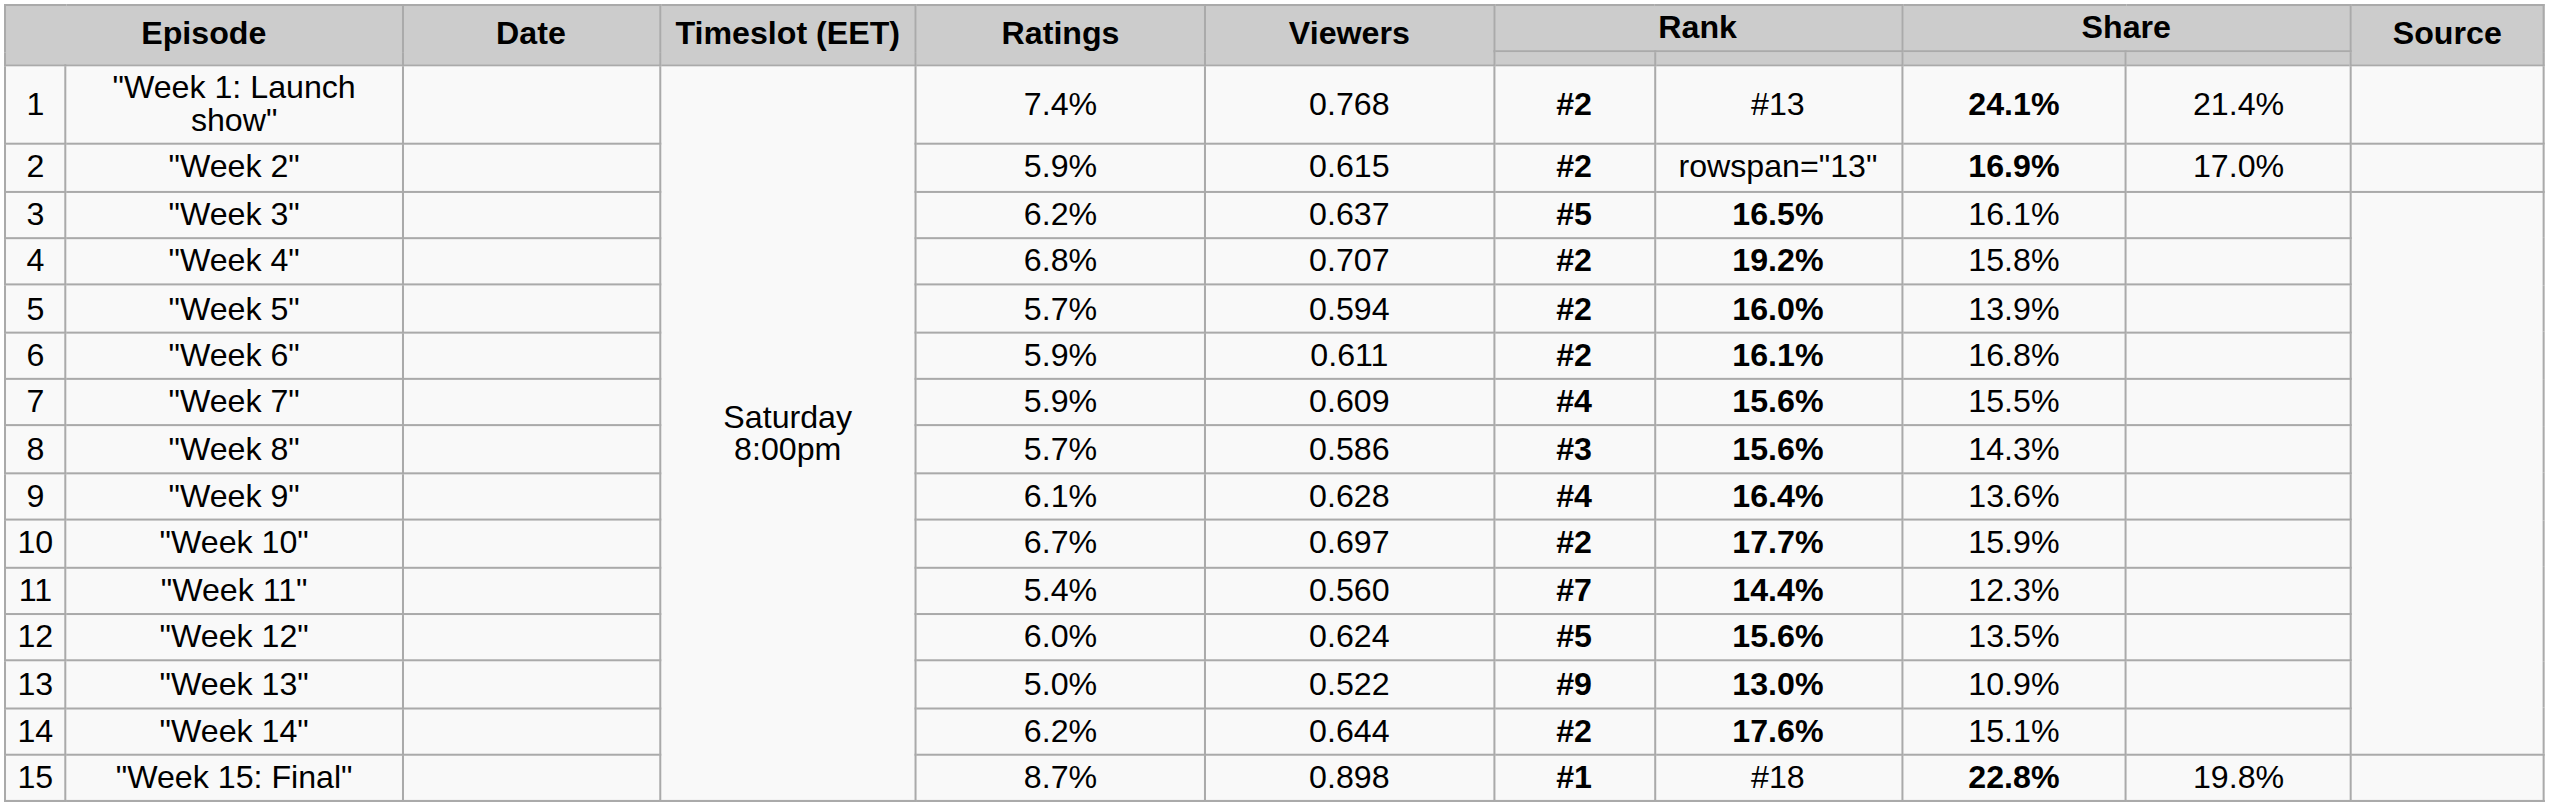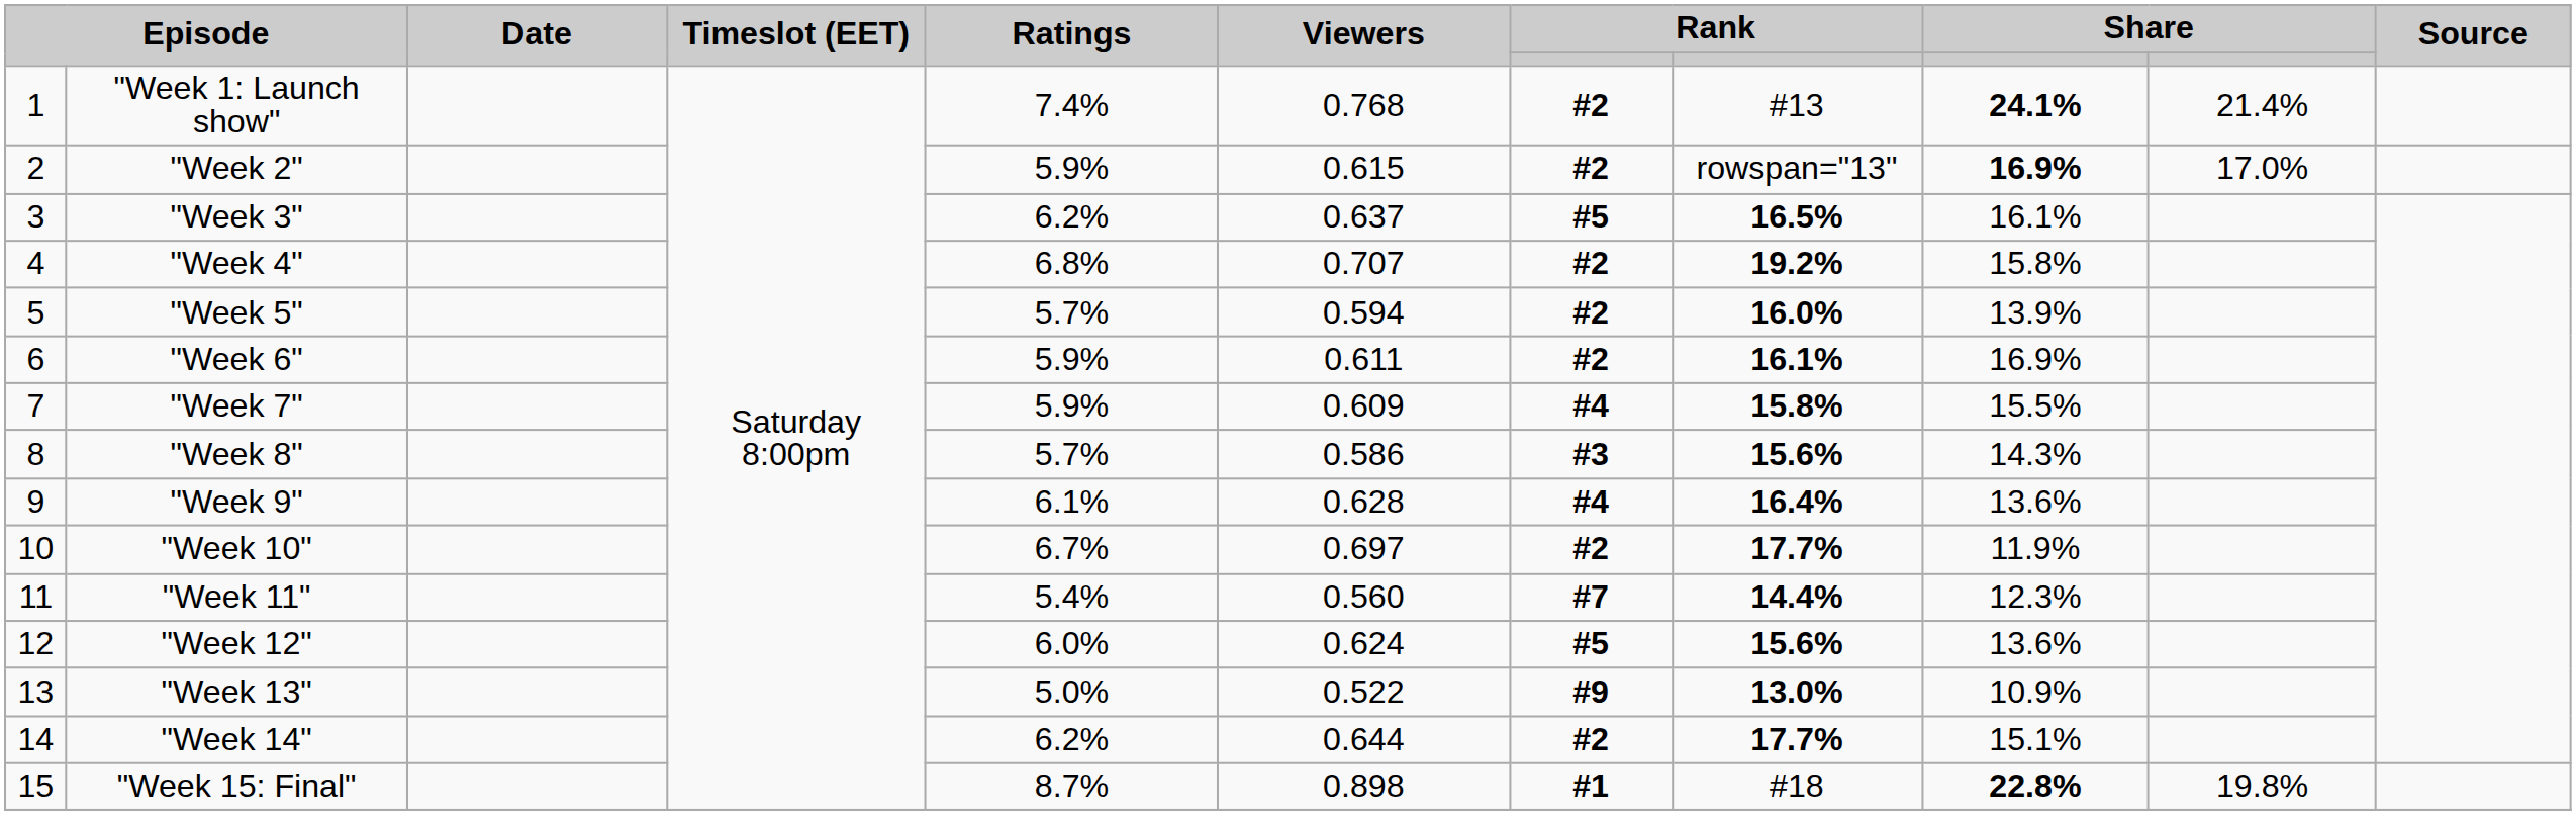 <table class="wikitable" style="text-align:center; background:#f9f9f9; line-height:16px;" width="100%">
 <tr>
 <th style="background:#ccc; color:#yyy;" width="12%" colspan="2" rowspan="2">Episode</th>
 <th style="background:#ccc; color:#yyy;" width="08%" rowspan="2">Date</th>
 <th style="background:#ccc; color:#yyy;" width="08%" rowspan="2">Timeslot (EET)</th>
 <th style="background:#ccc; color:#yyy;" width="09%" rowspan="2">Ratings</th>
 <th style="background:#ccc; color:#yyy;" width="09%" rowspan="2">Viewers<br><small></small></th>
 <th style="background:#ccc; color:#yyy;" width="10%" colspan="2">Rank</th>
 <th style="background:#ccc; color:#yyy;" width="14%" colspan="2">Share</th>
 <th style="background:#ccc; color:#yyy;" width="6%" rowspan="2">Source</th>
 </tr>
 <tr style="font-size:85%;">
 <th style="background:#ccc; color:#yyy;" width="05%"></th>
 <th style="background:#ccc; color:#yyy;" width="05%"></th>
 <th style="background:#ccc; color:#yyy;" width="07%"></th>
 <th style="background:#ccc; color:#yyy;" width="07%"></th>
 </tr>
 <tr>
 <td>1</td>
 <td>"Week 1: Launch show"</td>
 <td></td>
 <td rowspan="15">Saturday 8:00pm</td>
 <td>7.4%</td>
 <td>0.768</td>
 <td><strong>#2</strong></td>
 <td>#13</td>
 <td><strong>24.1%</strong></td>
 <td>21.4%</td>
 <td></td>
 </tr>
 <tr>
 <td>2</td>
 <td>"Week 2"</td>
 <td></td>
 <td>5.9%</td>
 <td>0.615</td>
 <td><strong>#2</strong></td>
 <td>rowspan="13" </td>
 <td><strong>16.9%</strong></td>
 <td>17.0%</td>
 <td></td>
 </tr>
 <tr>
 <td>3</td>
 <td>"Week 3"</td>
 <td></td>
 <td>6.2%</td>
 <td>0.637</td>
 <td><strong>#5</strong></td>
 <td><strong>16.5%</strong></td>
 <td>16.1%</td>
 <td></td>
 </tr>
 <tr>
 <td>4</td>
 <td>"Week 4"</td>
 <td></td>
 <td>6.8%</td>
 <td>0.707</td>
 <td><strong>#2</strong></td>
 <td><strong>19.2%</strong></td>
 <td>15.8%</td>
 <td></td>
 </tr>
 <tr>
 <td>5</td>
 <td>"Week 5"</td>
 <td></td>
 <td>5.7%</td>
 <td>0.594</td>
 <td><strong>#2</strong></td>
 <td><strong>16.0%</strong></td>
 <td>13.9%</td>
 <td></td>
 </tr>
 <tr>
 <td>6</td>
 <td>"Week 6"</td>
 <td></td>
 <td>5.9%</td>
 <td>0.611</td>
 <td><strong>#2</strong></td>
 <td><strong>16.1%</strong></td>
-<td>16.8%</td>
+<td>16.9%</td>
 <td></td>
 </tr>
 <tr>
 <td>7</td>
 <td>"Week 7"</td>
 <td></td>
 <td>5.9%</td>
 <td>0.609</td>
 <td><strong>#4</strong></td>
-<td><strong>15.6%</strong></td>
+<td><strong>15.8%</strong></td>
 <td>15.5%</td>
 <td></td>
 </tr>
 <tr>
 <td>8</td>
 <td>"Week 8"</td>
 <td></td>
 <td>5.7%</td>
 <td>0.586</td>
 <td><strong>#3</strong></td>
 <td><strong>15.6%</strong></td>
 <td>14.3%</td>
 <td></td>
 </tr>
 <tr>
 <td>9</td>
 <td>"Week 9"</td>
 <td></td>
 <td>6.1%</td>
 <td>0.628</td>
 <td><strong>#4</strong></td>
 <td><strong>16.4%</strong></td>
 <td>13.6%</td>
 <td></td>
 </tr>
 <tr>
 <td>10</td>
 <td>"Week 10"</td>
 <td></td>
 <td>6.7%</td>
 <td>0.697</td>
 <td><strong>#2</strong></td>
 <td><strong>17.7%</strong></td>
-<td>15.9%</td>
+<td>11.9%</td>
 <td></td>
 </tr>
 <tr>
 <td>11</td>
 <td>"Week 11"</td>
 <td></td>
 <td>5.4%</td>
 <td>0.560</td>
 <td><strong>#7</strong></td>
 <td><strong>14.4%</strong></td>
 <td>12.3%</td>
 <td></td>
 </tr>
 <tr>
 <td>12</td>
 <td>"Week 12"</td>
 <td></td>
 <td>6.0%</td>
 <td>0.624</td>
 <td><strong>#5</strong></td>
 <td><strong>15.6%</strong></td>
-<td>13.5%</td>
+<td>13.6%</td>
 <td></td>
 </tr>
 <tr>
 <td>13</td>
 <td>"Week 13"</td>
 <td></td>
 <td>5.0%</td>
 <td>0.522</td>
 <td><strong>#9</strong></td>
 <td><strong>13.0%</strong></td>
 <td>10.9%</td>
 <td></td>
 </tr>
 <tr>
 <td>14</td>
 <td>"Week 14"</td>
 <td></td>
 <td>6.2%</td>
 <td>0.644</td>
 <td><strong>#2</strong></td>
-<td><strong>17.6%</strong></td>
+<td><strong>17.7%</strong></td>
 <td>15.1%</td>
 <td></td>
 </tr>
 <tr>
 <td>15</td>
 <td>"Week 15: Final"</td>
 <td></td>
 <td>8.7%</td>
 <td>0.898</td>
 <td><strong>#1</strong></td>
 <td>#18</td>
 <td><strong>22.8%</strong></td>
 <td>19.8%</td>
 <td></td>
 </tr>
 <tr>
 </tr>
 </table>
